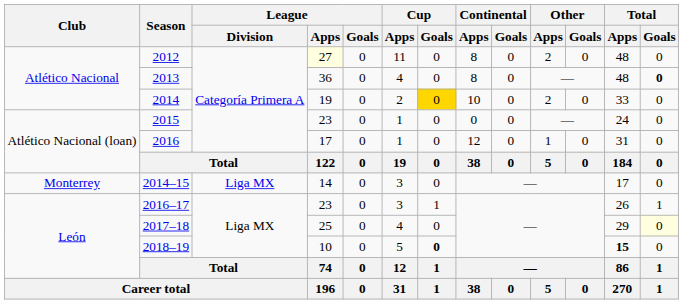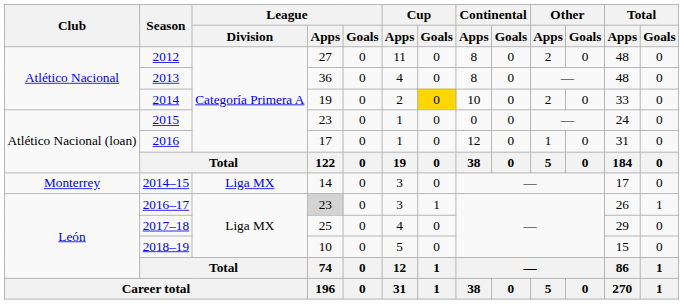 <table class="wikitable" style="text-align:center">
 <tr>
 <th rowspan=2>Club</th>
 <th rowspan=2>Season</th>
 <th colspan=3>League</th>
 <th colspan=2>Cup</th>
 <th colspan=2>Continental</th>
 <th colspan=2>Other</th>
 <th colspan=2>Total</th>
 </tr>
 <tr>
 <th>Division</th>
 <th>Apps</th>
 <th>Goals</th>
 <th>Apps</th>
 <th>Goals</th>
 <th>Apps</th>
 <th>Goals</th>
 <th>Apps</th>
 <th>Goals</th>
 <th>Apps</th>
 <th>Goals</th>
 </tr>
 <tr>
 <td rowspan=3><a href='#'>Atlético Nacional</a></td>
 <td><a href='#'>2012</a></td>
 <td rowspan=5><a href='#'>Categoría Primera A</a></td>
-<td style="background: lightyellow;">27</td>
+<td>27</td>
 <td>0</td>
 <td>11</td>
 <td>0</td>
 <td>8</td>
 <td>0</td>
 <td>2</td>
 <td>0</td>
 <td>48</td>
 <td>0</td>
 </tr>
 <tr>
 <td><a href='#'>2013</a></td>
 <td>36</td>
 <td>0</td>
 <td>4</td>
 <td>0</td>
 <td>8</td>
 <td>0</td>
 <td colspan=2>—</td>
 <td>48</td>
-<td><strong>0</strong></td>
+<td>0</td>
 </tr>
 <tr>
 <td><a href='#'>2014</a></td>
 <td>19</td>
 <td>0</td>
 <td>2</td>
 <td style="background: gold;">0</td>
 <td>10</td>
 <td>0</td>
 <td>2</td>
 <td>0</td>
 <td>33</td>
 <td>0</td>
 </tr>
 <tr>
 <td rowspan=3>Atlético Nacional (loan)</td>
 <td><a href='#'>2015</a></td>
 <td>23</td>
 <td>0</td>
 <td>1</td>
 <td>0</td>
 <td>0</td>
 <td>0</td>
 <td colspan=2>—</td>
 <td>24</td>
 <td>0</td>
 </tr>
 <tr>
 <td><a href='#'>2016</a></td>
 <td>17</td>
 <td>0</td>
 <td>1</td>
 <td>0</td>
 <td>12</td>
 <td>0</td>
 <td>1</td>
 <td>0</td>
 <td>31</td>
 <td>0</td>
 </tr>
 <tr>
 <th colspan=2>Total</th>
 <th>122</th>
 <th>0</th>
 <th>19</th>
 <th>0</th>
 <th>38</th>
 <th>0</th>
 <th>5</th>
 <th>0</th>
 <th>184</th>
 <th>0</th>
 </tr>
 <tr>
 <td><a href='#'>Monterrey</a></td>
 <td><a href='#'>2014–15</a></td>
 <td><a href='#'>Liga MX</a></td>
 <td>14</td>
 <td>0</td>
 <td>3</td>
 <td>0</td>
 <td colspan=4>—</td>
 <td>17</td>
 <td>0</td>
 </tr>
 <tr>
 <td rowspan=4><a href='#'>León</a></td>
 <td><a href='#'>2016–17</a></td>
 <td rowspan=3>Liga MX</td>
-<td>23</td>
+<td style="background: lightgrey;">23</td>
 <td>0</td>
 <td>3</td>
 <td>1</td>
 <td colspan=4 rowspan=3>—</td>
 <td>26</td>
 <td>1</td>
 </tr>
 <tr>
 <td><a href='#'>2017–18</a></td>
 <td>25</td>
 <td>0</td>
 <td>4</td>
 <td>0</td>
 <td>29</td>
-<td style="background: lightyellow;">0</td>
+<td>0</td>
 </tr>
 <tr>
 <td><a href='#'>2018–19</a></td>
 <td>10</td>
 <td>0</td>
 <td>5</td>
-<td><strong>0</strong></td>
-<td><strong>15</strong></td>
+<td>0</td>
+<td>15</td>
 <td>0</td>
 </tr>
 <tr>
 <th colspan=2>Total</th>
 <th>74</th>
 <th>0</th>
 <th>12</th>
 <th>1</th>
 <th colspan=4>—</th>
 <th>86</th>
 <th>1</th>
 </tr>
 <tr>
 <th colspan=3>Career total</th>
 <th>196</th>
 <th>0</th>
 <th>31</th>
 <th>1</th>
 <th>38</th>
 <th>0</th>
 <th>5</th>
 <th>0</th>
 <th>270</th>
 <th>1</th>
 </tr>
 </table>
